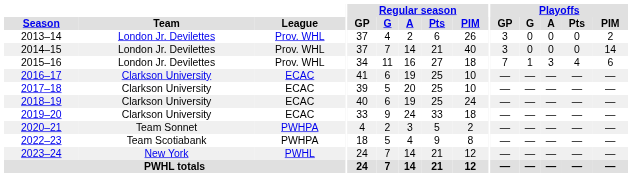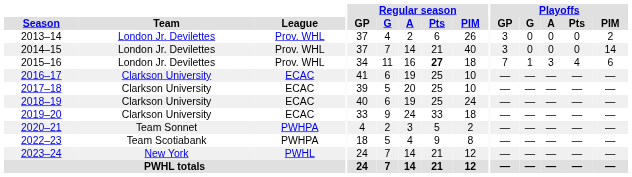 <table border="0" cellpadding="1" cellspacing="0" style="text-align:center; width:60em">
 <tr bgcolor="#e0e0e0">
 <th colspan="3" bgcolor="#ffffff"></th>
 <th rowspan="97" bgcolor="#ffffff"></th>
 <th colspan="5"><a href='#'>Regular season</a></th>
 <th rowspan="97" bgcolor="#ffffff"></th>
 <th colspan="5"><a href='#'>Playoffs</a></th>
 </tr>
 <tr bgcolor="#e0e0e0">
 <th><a href='#'>Season</a></th>
 <th>Team</th>
 <th>League</th>
 <th>GP</th>
 <th><a href='#'>G</a></th>
 <th><a href='#'>A</a></th>
 <th><a href='#'>Pts</a></th>
 <th><a href='#'>PIM</a></th>
 <th>GP</th>
 <th>G</th>
 <th>A</th>
 <th>Pts</th>
 <th>PIM</th>
 </tr>
 <tr>
 <td>2013–14</td>
 <td><a href='#'>London Jr. Devilettes</a></td>
 <td><a href='#'>Prov. WHL</a></td>
 <td>37</td>
 <td>4</td>
 <td>2</td>
 <td>6</td>
 <td>26</td>
 <td>3</td>
 <td>0</td>
 <td>0</td>
 <td>0</td>
 <td>2</td>
 </tr>
 <tr bgcolor="#f0f0f0">
 <td>2014–15</td>
 <td>London Jr. Devilettes</td>
 <td>Prov. WHL</td>
 <td>37</td>
 <td>7</td>
 <td>14</td>
 <td>21</td>
 <td>40</td>
 <td>3</td>
 <td>0</td>
 <td>0</td>
 <td>0</td>
 <td>14</td>
 </tr>
 <tr>
 <td>2015–16</td>
 <td>London Jr. Devilettes</td>
 <td>Prov. WHL</td>
 <td>34</td>
 <td>11</td>
 <td>16</td>
-<td>27</td>
+<td><strong>27</strong></td>
 <td>18</td>
 <td>7</td>
 <td>1</td>
 <td>3</td>
 <td>4</td>
 <td>6</td>
 </tr>
 <tr bgcolor="#f0f0f0">
 <td><a href='#'>2016–17</a></td>
 <td><a href='#'>Clarkson University</a></td>
 <td><a href='#'>ECAC</a></td>
 <td>41</td>
 <td>6</td>
 <td>19</td>
 <td>25</td>
 <td>10</td>
 <td>—</td>
 <td>—</td>
 <td>—</td>
 <td>—</td>
 <td>—</td>
 </tr>
 <tr>
 <td><a href='#'>2017–18</a></td>
 <td>Clarkson University</td>
 <td>ECAC</td>
 <td>39</td>
 <td>5</td>
 <td>20</td>
 <td>25</td>
 <td>10</td>
 <td>—</td>
 <td>—</td>
 <td>—</td>
 <td>—</td>
 <td>—</td>
 </tr>
 <tr bgcolor="#f0f0f0">
 <td><a href='#'>2018–19</a></td>
 <td>Clarkson University</td>
 <td>ECAC</td>
 <td>40</td>
 <td>6</td>
 <td>19</td>
 <td>25</td>
 <td>24</td>
 <td>—</td>
 <td>—</td>
 <td>—</td>
 <td>—</td>
 <td>—</td>
 </tr>
 <tr>
 <td><a href='#'>2019–20</a></td>
 <td>Clarkson University</td>
 <td>ECAC</td>
 <td>33</td>
 <td>9</td>
 <td>24</td>
 <td>33</td>
 <td>18</td>
 <td>—</td>
 <td>—</td>
 <td>—</td>
 <td>—</td>
 <td>—</td>
 </tr>
 <tr bgcolor="#f0f0f0">
 <td><a href='#'>2020–21</a></td>
 <td>Team Sonnet</td>
 <td><a href='#'>PWHPA</a></td>
 <td>4</td>
 <td>2</td>
 <td>3</td>
 <td>5</td>
 <td>2</td>
 <td>—</td>
 <td>—</td>
 <td>—</td>
 <td>—</td>
 <td>—</td>
 </tr>
 <tr>
 <td><a href='#'>2022–23</a></td>
 <td>Team Scotiabank</td>
 <td>PWHPA</td>
 <td>18</td>
 <td>5</td>
 <td>4</td>
 <td>9</td>
 <td>8</td>
 <td>—</td>
 <td>—</td>
 <td>—</td>
 <td>—</td>
 <td>—</td>
 </tr>
 <tr bgcolor="f0f0f0">
 <td><a href='#'>2023–24</a></td>
 <td><a href='#'>New York</a></td>
 <td><a href='#'>PWHL</a></td>
 <td>24</td>
 <td>7</td>
 <td>14</td>
 <td>21</td>
 <td>12</td>
 <td>—</td>
 <td>—</td>
 <td>—</td>
 <td>—</td>
 <td>—</td>
 </tr>
 <tr bgcolor="#e0e0e0">
 <th colspan="3">PWHL totals</th>
 <th>24</th>
 <th>7</th>
 <th>14</th>
 <th>21</th>
 <th>12</th>
 <th>—</th>
 <th>—</th>
 <th>—</th>
 <th>—</th>
 <th>—</th>
 </tr>
 </table>
